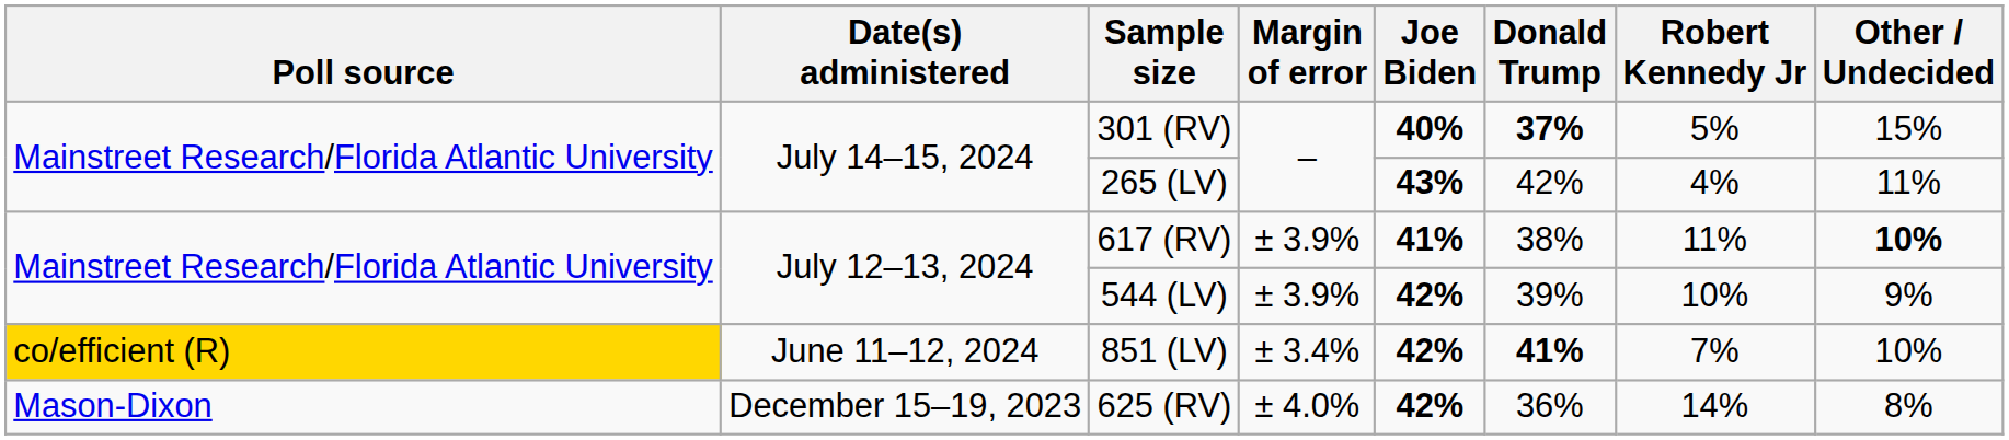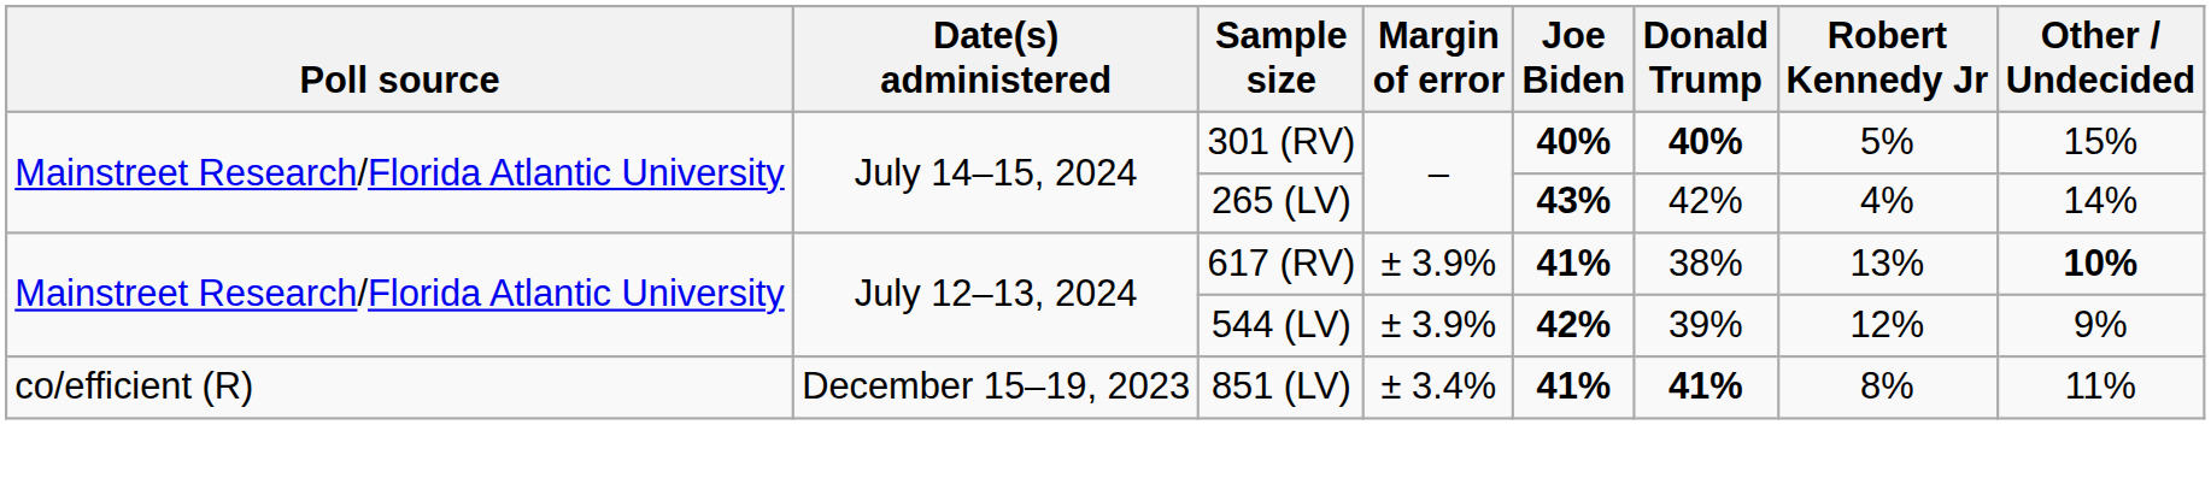 <table class="wikitable sortable mw-datatable" style="font-size:90%;text-align:center;line-height:17px">
 <tr valign=bottom>
 <th>Poll source</th>
 <th>Date(s)<br>administered</th>
 <th>Sample<br>size</th>
 <th>Margin<br>of error</th>
 <th class="unsortable">Joe<br>Biden<br></th>
 <th class="unsortable">Donald<br>Trump<br></th>
 <th class="unsortable">Robert<br>Kennedy Jr<br></th>
 <th class="unsortable">Other /<br>Undecided</th>
 </tr>
 <tr>
 <td style="text-align:left;" rowspan="2"><a href='#'>Mainstreet Research</a>/<a href='#'>Florida Atlantic University</a></td>
 <td rowspan="2">July 14–15, 2024</td>
 <td>301 (RV)</td>
 <td rowspan="2">–</td>
 <td><strong>40%</strong></td>
-<td><strong>37%</strong></td>
+<td><strong>40%</strong></td>
 <td>5%</td>
 <td>15%</td>
 </tr>
 <tr>
 <td>265 (LV)</td>
 <td style="color:black;background-color:"><strong>43%</strong></td>
 <td>42%</td>
 <td>4%</td>
-<td>11%</td>
+<td>14%</td>
 </tr>
 <tr>
 <td style="text-align:left;" rowspan="2"><a href='#'>Mainstreet Research</a>/<a href='#'>Florida Atlantic University</a></td>
 <td rowspan="2">July 12–13, 2024</td>
 <td>617 (RV)</td>
 <td>± 3.9%</td>
 <td style="color:black;background-color:"><strong>41%</strong></td>
 <td>38%</td>
-<td>11%</td>
+<td>13%</td>
 <td><strong>10%</strong></td>
 </tr>
 <tr>
 <td>544 (LV)</td>
 <td>± 3.9%</td>
 <td style="color:black;background-color:"><strong>42%</strong></td>
 <td>39%</td>
-<td>10%</td>
+<td>12%</td>
 <td>9%</td>
 </tr>
 <tr>
-<td style="background: gold; text-align:left;">co/efficient (R)</td>
-<td data-sort-value="2024-06-13">June 11–12, 2024</td>
+<td style="text-align:left;">co/efficient (R)</td>
+<td>December 15–19, 2023</td>
 <td>851 (LV)</td>
 <td>± 3.4%</td>
-<td><strong>42%</strong></td>
 <td><strong>41%</strong></td>
-<td>7%</td>
-<td>10%</td>
-</tr>
-<tr>
-<td style="text-align:left;"><a href='#'>Mason-Dixon</a></td>
-<td>December 15–19, 2023</td>
-<td>625 (RV)</td>
-<td>± 4.0%</td>
-<td style="color:black;background-color:"><strong>42%</strong></td>
-<td>36%</td>
-<td>14%</td>
+<td><strong>41%</strong></td>
 <td>8%</td>
+<td>11%</td>
 </tr>
 </table>
